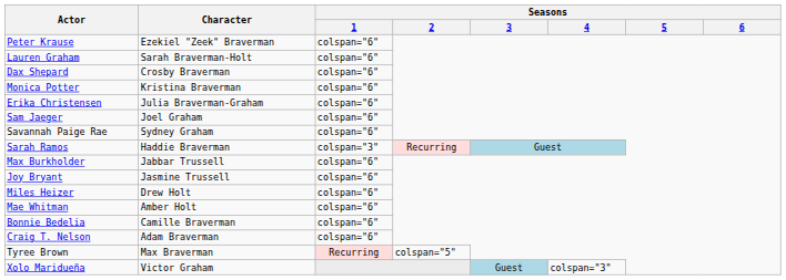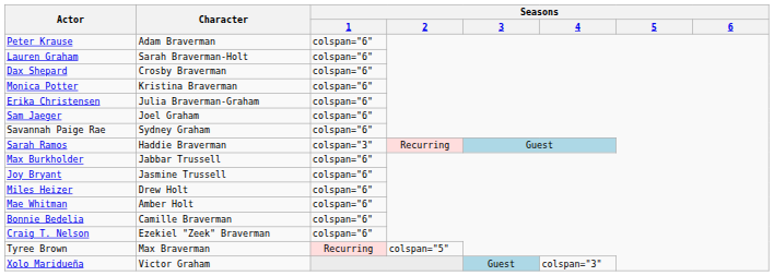 <table class="wikitable" style="width:69%;">
 <tr>
 <th rowspan="2">Actor</th>
 <th rowspan="2">Character</th>
 <th colspan="6">Seasons</th>
 </tr>
 <tr>
 <th style="width:10%;"><a href='#'>1</a></th>
 <th style="width:10%;"><a href='#'>2</a></th>
 <th style="width:10%;"><a href='#'>3</a></th>
 <th style="width:10%;"><a href='#'>4</a></th>
 <th style="width:10%;"><a href='#'>5</a></th>
 <th style="width:10%;"><a href='#'>6</a></th>
 </tr>
 <tr>
 <td><a href='#'>Peter Krause</a></td>
-<td>Ezekiel "Zeek" Braverman</td>
+<td>Adam Braverman</td>
 <td>colspan="6" </td>
 </tr>
 <tr>
 <td><a href='#'>Lauren Graham</a></td>
 <td>Sarah Braverman-Holt</td>
 <td>colspan="6" </td>
 </tr>
 <tr>
 <td><a href='#'>Dax Shepard</a></td>
 <td>Crosby Braverman</td>
 <td>colspan="6" </td>
 </tr>
 <tr>
 <td><a href='#'>Monica Potter</a></td>
 <td>Kristina Braverman</td>
 <td>colspan="6" </td>
 </tr>
 <tr>
 <td><a href='#'>Erika Christensen</a></td>
 <td>Julia Braverman-Graham</td>
 <td>colspan="6" </td>
 </tr>
 <tr>
 <td><a href='#'>Sam Jaeger</a></td>
 <td>Joel Graham</td>
 <td>colspan="6" </td>
 </tr>
 <tr>
 <td>Savannah Paige Rae</td>
 <td>Sydney Graham</td>
 <td>colspan="6" </td>
 </tr>
 <tr>
 <td><a href='#'>Sarah Ramos</a></td>
 <td>Haddie Braverman</td>
 <td>colspan="3" </td>
 <td style="background:#fdd; text-align:center;">Recurring</td>
 <td colspan="2" style="background:#add8e6; text-align:center;">Guest</td>
 </tr>
 <tr>
 <td><a href='#'>Max Burkholder</a></td>
 <td>Jabbar Trussell</td>
 <td>colspan="6" </td>
 </tr>
 <tr>
 <td><a href='#'>Joy Bryant</a></td>
 <td>Jasmine Trussell</td>
 <td>colspan="6" </td>
 </tr>
 <tr>
 <td><a href='#'>Miles Heizer</a></td>
 <td>Drew Holt</td>
 <td>colspan="6" </td>
 </tr>
 <tr>
 <td><a href='#'>Mae Whitman</a></td>
 <td>Amber Holt</td>
 <td>colspan="6" </td>
 </tr>
 <tr>
 <td><a href='#'>Bonnie Bedelia</a></td>
 <td>Camille Braverman</td>
 <td>colspan="6" </td>
 </tr>
 <tr>
 <td><a href='#'>Craig T. Nelson</a></td>
-<td>Adam Braverman</td>
+<td>Ezekiel "Zeek" Braverman</td>
 <td>colspan="6" </td>
 </tr>
 <tr>
 <td>Tyree Brown</td>
 <td>Max Braverman</td>
 <td style="background:#fdd; text-align:center;">Recurring</td>
 <td>colspan="5" </td>
 </tr>
 <tr>
 <td><a href='#'>Xolo Maridueña</a></td>
 <td>Victor Graham</td>
 <td colspan="2" style="background:#ececec; color:gray; vertical-align:middle; text-align:center;" class="table-na"></td>
 <td style="background:#add8e6; text-align:center;">Guest</td>
 <td>colspan="3" </td>
 </tr>
 </table>
